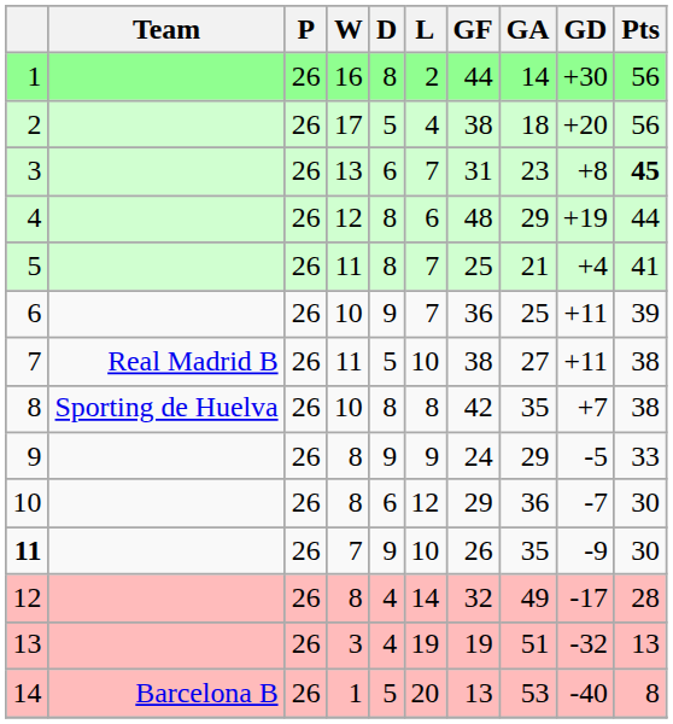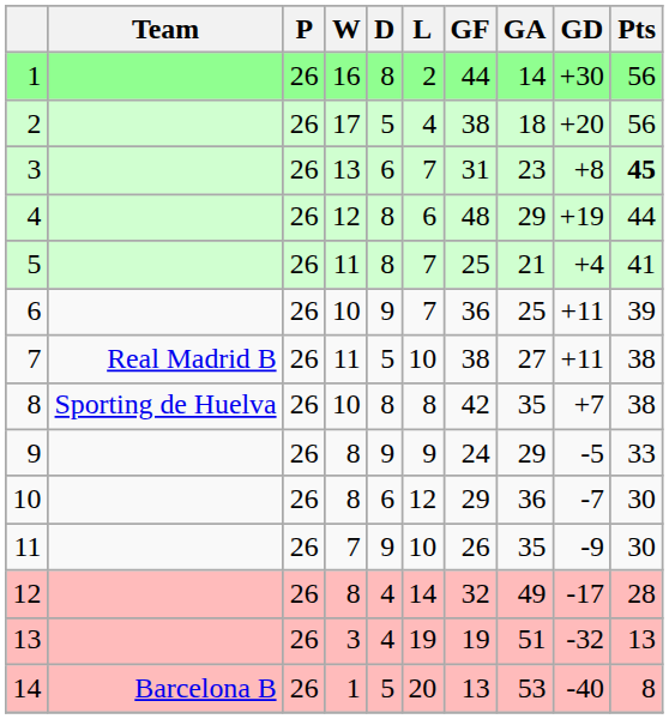 <table class="wikitable sortable col2izq" style="text-align: right; font-size: 85%">
 <tr>
 <th></th>
 <th>Team</th>
 <th>P</th>
 <th>W</th>
 <th>D</th>
 <th>L</th>
 <th>GF</th>
 <th>GA</th>
 <th>GD</th>
 <th>Pts</th>
 </tr>
 <tr style="background:#90ff90;">
 <td>1</td>
 <td></td>
 <td>26</td>
 <td>16</td>
 <td>8</td>
 <td>2</td>
 <td>44</td>
 <td>14</td>
 <td>+30</td>
 <td>56</td>
 </tr>
 <tr style="background:#D0FFD0;">
 <td>2</td>
 <td></td>
 <td>26</td>
 <td>17</td>
 <td>5</td>
 <td>4</td>
 <td>38</td>
 <td>18</td>
 <td>+20</td>
 <td>56</td>
 </tr>
 <tr style="background:#D0FFD0;">
 <td>3</td>
 <td></td>
 <td>26</td>
 <td>13</td>
 <td>6</td>
 <td>7</td>
 <td>31</td>
 <td>23</td>
 <td>+8</td>
 <td><strong>45</strong></td>
 </tr>
 <tr style="background:#D0FFD0;">
 <td>4</td>
 <td></td>
 <td>26</td>
 <td>12</td>
 <td>8</td>
 <td>6</td>
 <td>48</td>
 <td>29</td>
 <td>+19</td>
 <td>44</td>
 </tr>
 <tr style="background:#D0FFD0;">
 <td>5</td>
 <td></td>
 <td>26</td>
 <td>11</td>
 <td>8</td>
 <td>7</td>
 <td>25</td>
 <td>21</td>
 <td>+4</td>
 <td>41</td>
 </tr>
 <tr>
 <td>6</td>
 <td></td>
 <td>26</td>
 <td>10</td>
 <td>9</td>
 <td>7</td>
 <td>36</td>
 <td>25</td>
 <td>+11</td>
 <td>39</td>
 </tr>
 <tr>
 <td>7</td>
 <td {{nowrap><a href='#'>Real Madrid B</a></td>
 <td>26</td>
 <td>11</td>
 <td>5</td>
 <td>10</td>
 <td>38</td>
 <td>27</td>
 <td>+11</td>
 <td>38</td>
 </tr>
 <tr>
 <td>8</td>
 <td {{nowrap><a href='#'>Sporting de Huelva</a></td>
 <td>26</td>
 <td>10</td>
 <td>8</td>
 <td>8</td>
 <td>42</td>
 <td>35</td>
 <td>+7</td>
 <td>38</td>
 </tr>
 <tr>
 <td>9</td>
 <td></td>
 <td>26</td>
 <td>8</td>
 <td>9</td>
 <td>9</td>
 <td>24</td>
 <td>29</td>
 <td>-5</td>
 <td>33</td>
 </tr>
 <tr>
 <td>10</td>
 <td></td>
 <td>26</td>
 <td>8</td>
 <td>6</td>
 <td>12</td>
 <td>29</td>
 <td>36</td>
 <td>-7</td>
 <td>30</td>
 </tr>
 <tr>
-<td><strong>11</strong></td>
+<td>11</td>
 <td></td>
 <td>26</td>
 <td>7</td>
 <td>9</td>
 <td>10</td>
 <td>26</td>
 <td>35</td>
 <td>-9</td>
 <td>30</td>
 </tr>
 <tr style="background:#FFBBBB;">
 <td>12</td>
 <td></td>
 <td>26</td>
 <td>8</td>
 <td>4</td>
 <td>14</td>
 <td>32</td>
 <td>49</td>
 <td>-17</td>
 <td>28</td>
 </tr>
 <tr style="background:#FFBBBB;">
 <td>13</td>
 <td></td>
 <td>26</td>
 <td>3</td>
 <td>4</td>
 <td>19</td>
 <td>19</td>
 <td>51</td>
 <td>-32</td>
 <td>13</td>
 </tr>
 <tr style="background:#FFBBBB;">
 <td>14</td>
 <td {{nowrap><a href='#'>Barcelona B</a></td>
 <td>26</td>
 <td>1</td>
 <td>5</td>
 <td>20</td>
 <td>13</td>
 <td>53</td>
 <td>-40</td>
 <td>8</td>
 </tr>
 <tr style="background:#FFBBBB;">
 </tr>
 </table>
